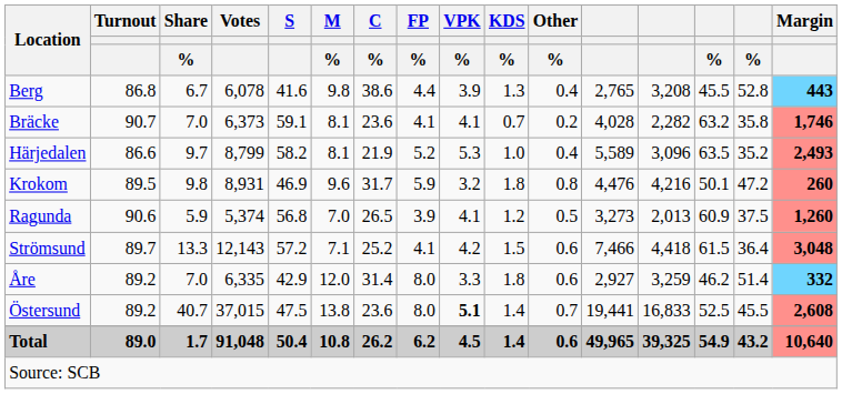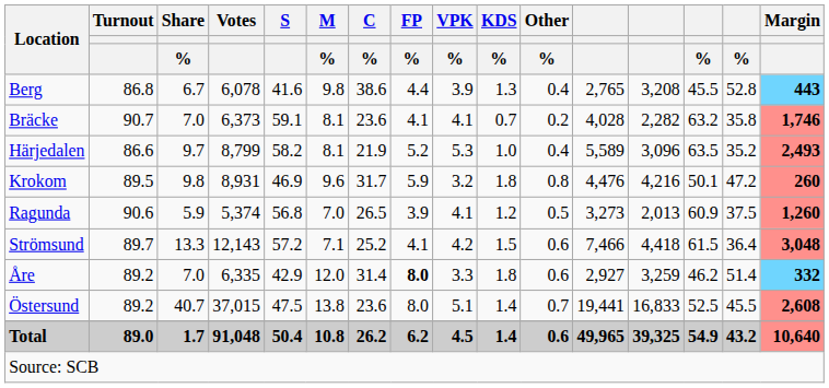 <table class="wikitable sortable" style="text-align:right; font-size:95%; line-height:20px;">
 <tr>
 <th rowspan="3">Location</th>
 <th>Turnout</th>
 <th>Share</th>
 <th>Votes</th>
 <th width="30px" class="unsortable"><a href='#'>S</a></th>
 <th width="30px" class="unsortable"><a href='#'>M</a></th>
 <th width="30px" class="unsortable"><a href='#'>C</a></th>
 <th width="30px" class="unsortable"><a href='#'>FP</a></th>
 <th width="30px" class="unsortable"><a href='#'>VPK</a></th>
 <th width="30px" class="unsortable"><a href='#'>KDS</a></th>
 <th width="30px" class="unsortable">Other</th>
 <th></th>
 <th></th>
 <th></th>
 <th></th>
 <th>Margin</th>
 </tr>
 <tr>
 <th></th>
 <th></th>
 <th></th>
 <th style="background:"></th>
 <th style="background:"></th>
 <th style="background:"></th>
 <th style="background:"></th>
 <th style="background:"></th>
 <th style="background:"></th>
 <th style="background:"></th>
 <th style="background:"></th>
 <th style="background:"></th>
 <th style="background:"></th>
 <th style="background:"></th>
 <th></th>
 </tr>
 <tr>
 <th></th>
 <th data-sort-type="number">%</th>
 <th data-sort-type="number"></th>
 <th></th>
 <th data-sort-type="number">%</th>
 <th data-sort-type="number">%</th>
 <th data-sort-type="number">%</th>
 <th data-sort-type="number">%</th>
 <th data-sort-type="number">%</th>
 <th data-sort-type="number">%</th>
 <th data-sort-type="number"></th>
 <th data-sort-type="number"></th>
 <th data-sort-type="number">%</th>
 <th data-sort-type="number">%</th>
 <th data-sort-type="number"></th>
 </tr>
 <tr>
 <td align=left><a href='#'>Berg</a></td>
 <td>86.8</td>
 <td>6.7</td>
 <td>6,078</td>
 <td>41.6</td>
 <td>9.8</td>
 <td>38.6</td>
 <td>4.4</td>
 <td>3.9</td>
 <td>1.3</td>
 <td>0.4</td>
 <td>2,765</td>
 <td>3,208</td>
 <td>45.5</td>
 <td>52.8</td>
 <td bgcolor=#6fd5fe><strong>443</strong></td>
 </tr>
 <tr>
 <td align=left><a href='#'>Bräcke</a></td>
 <td>90.7</td>
 <td>7.0</td>
 <td>6,373</td>
 <td>59.1</td>
 <td>8.1</td>
 <td>23.6</td>
 <td>4.1</td>
 <td>4.1</td>
 <td>0.7</td>
 <td>0.2</td>
 <td>4,028</td>
 <td>2,282</td>
 <td>63.2</td>
 <td>35.8</td>
 <td bgcolor=#ff908c><strong>1,746</strong></td>
 </tr>
 <tr>
 <td align=left><a href='#'>Härjedalen</a></td>
 <td>86.6</td>
 <td>9.7</td>
 <td>8,799</td>
 <td>58.2</td>
 <td>8.1</td>
 <td>21.9</td>
 <td>5.2</td>
 <td>5.3</td>
 <td>1.0</td>
 <td>0.4</td>
 <td>5,589</td>
 <td>3,096</td>
 <td>63.5</td>
 <td>35.2</td>
 <td bgcolor=#ff908c><strong>2,493</strong></td>
 </tr>
 <tr>
 <td align=left><a href='#'>Krokom</a></td>
 <td>89.5</td>
 <td>9.8</td>
 <td>8,931</td>
 <td>46.9</td>
 <td>9.6</td>
 <td>31.7</td>
 <td>5.9</td>
 <td>3.2</td>
 <td>1.8</td>
 <td>0.8</td>
 <td>4,476</td>
 <td>4,216</td>
 <td>50.1</td>
 <td>47.2</td>
 <td bgcolor=#ff908c><strong>260</strong></td>
 </tr>
 <tr>
 <td align=left><a href='#'>Ragunda</a></td>
 <td>90.6</td>
 <td>5.9</td>
 <td>5,374</td>
 <td>56.8</td>
 <td>7.0</td>
 <td>26.5</td>
 <td>3.9</td>
 <td>4.1</td>
 <td>1.2</td>
 <td>0.5</td>
 <td>3,273</td>
 <td>2,013</td>
 <td>60.9</td>
 <td>37.5</td>
 <td bgcolor=#ff908c><strong>1,260</strong></td>
 </tr>
 <tr>
 <td align=left><a href='#'>Strömsund</a></td>
 <td>89.7</td>
 <td>13.3</td>
 <td>12,143</td>
 <td>57.2</td>
 <td>7.1</td>
 <td>25.2</td>
 <td>4.1</td>
 <td>4.2</td>
 <td>1.5</td>
 <td>0.6</td>
 <td>7,466</td>
 <td>4,418</td>
 <td>61.5</td>
 <td>36.4</td>
 <td bgcolor=#ff908c><strong>3,048</strong></td>
 </tr>
 <tr>
 <td align=left><a href='#'>Åre</a></td>
 <td>89.2</td>
 <td>7.0</td>
 <td>6,335</td>
 <td>42.9</td>
 <td>12.0</td>
 <td>31.4</td>
-<td>8.0</td>
+<td><strong>8.0</strong></td>
 <td>3.3</td>
 <td>1.8</td>
 <td>0.6</td>
 <td>2,927</td>
 <td>3,259</td>
 <td>46.2</td>
 <td>51.4</td>
 <td bgcolor=#6fd5fe><strong>332</strong></td>
 </tr>
 <tr>
 <td align=left><a href='#'>Östersund</a></td>
 <td>89.2</td>
 <td>40.7</td>
 <td>37,015</td>
 <td>47.5</td>
 <td>13.8</td>
 <td>23.6</td>
 <td>8.0</td>
-<td><strong>5.1</strong></td>
+<td>5.1</td>
 <td>1.4</td>
 <td>0.7</td>
 <td>19,441</td>
 <td>16,833</td>
 <td>52.5</td>
 <td>45.5</td>
 <td bgcolor=#ff908c><strong>2,608</strong></td>
 </tr>
 <tr>
 </tr>
 <tr style="background:#CDCDCD;">
 <td align=left><strong>Total</strong></td>
 <td><strong>89.0</strong></td>
 <td><strong>1.7</strong></td>
 <td><strong>91,048</strong></td>
 <td><strong>50.4</strong></td>
 <td><strong>10.8</strong></td>
 <td><strong>26.2</strong></td>
 <td><strong>6.2</strong></td>
 <td><strong>4.5</strong></td>
 <td><strong>1.4</strong></td>
 <td><strong>0.6</strong></td>
 <td><strong>49,965</strong></td>
 <td><strong>39,325</strong></td>
 <td><strong>54.9</strong></td>
 <td><strong>43.2</strong></td>
 <td bgcolor=#ff908c><strong>10,640</strong></td>
 </tr>
 <tr>
 <td align=left colspan=16>Source: SCB </td>
 </tr>
 </table>
